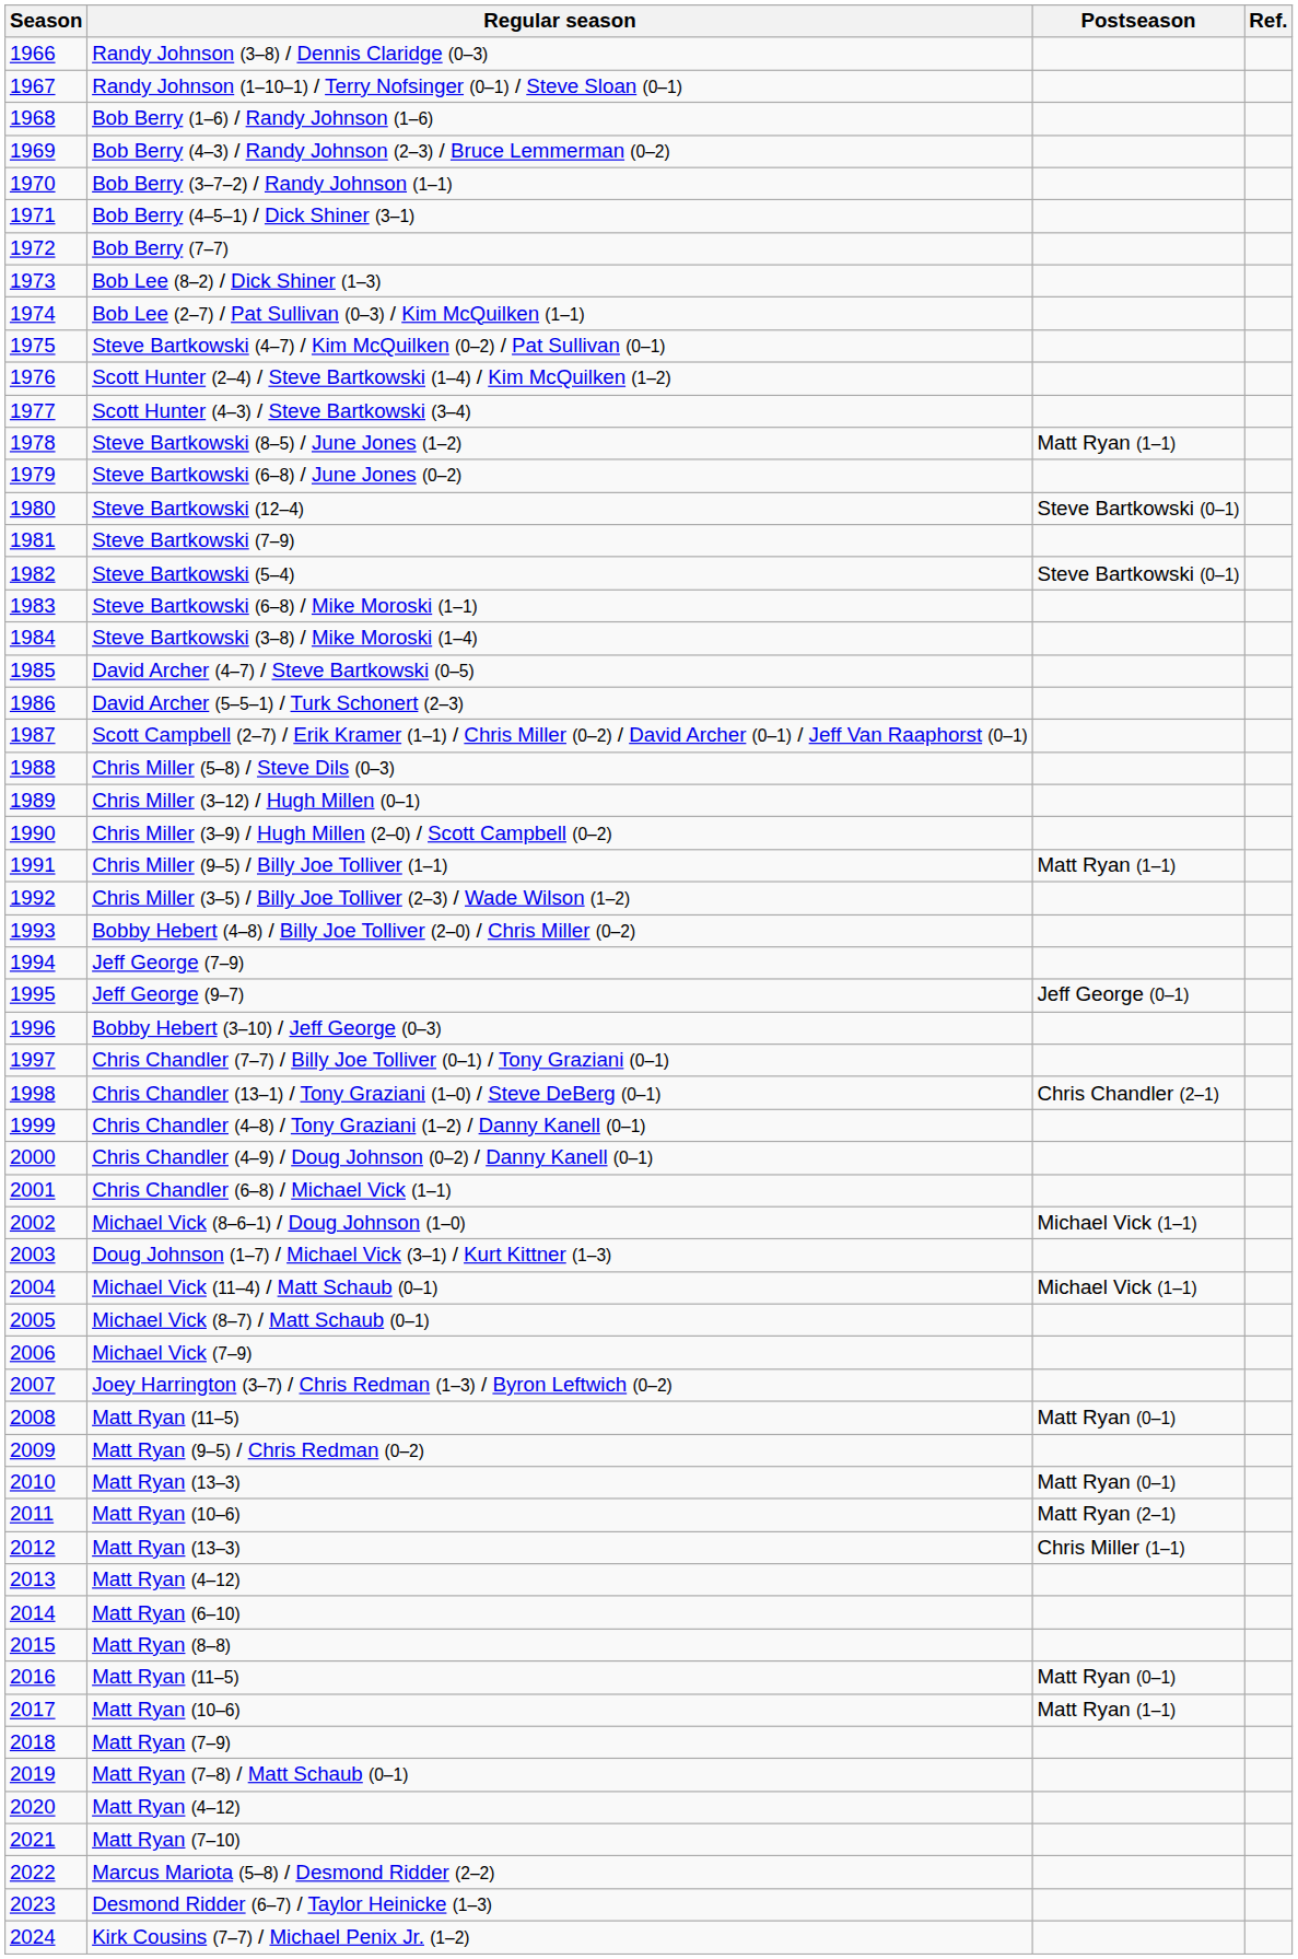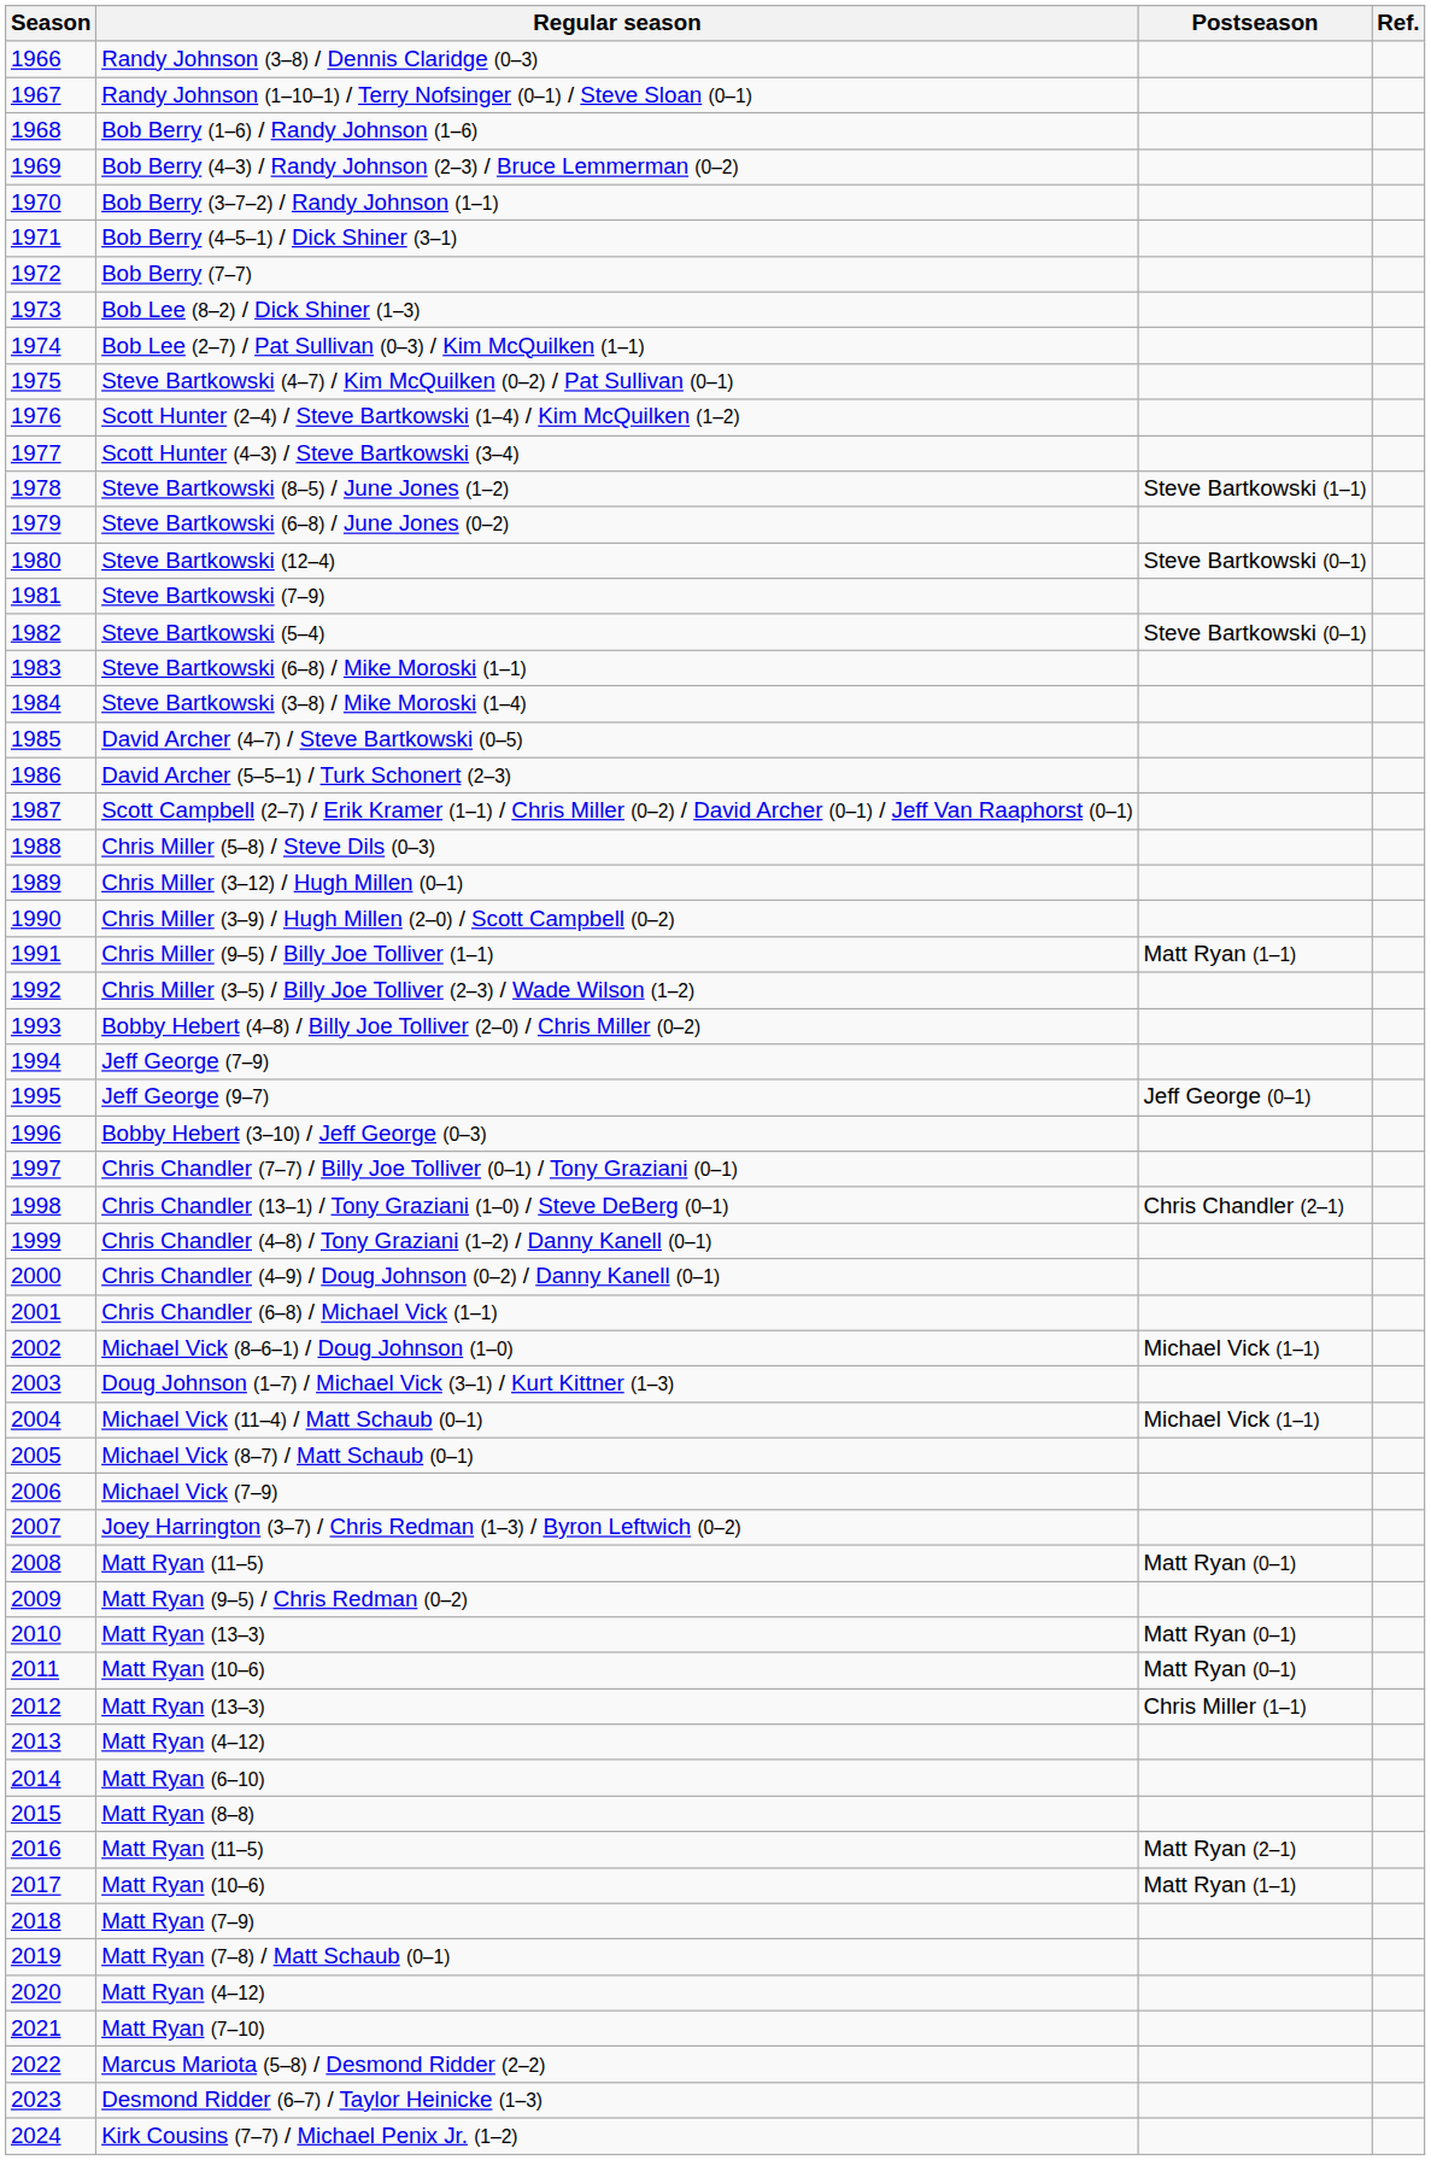 <table class="wikitable">
 <tr>
 <th>Season</th>
 <th>Regular season</th>
 <th>Postseason</th>
 <th>Ref.</th>
 </tr>
 <tr>
 <td><a href='#'>1966</a></td>
 <td><a href='#'>Randy Johnson</a> <small>(3–8)</small> / <a href='#'>Dennis Claridge</a> <small>(0–3)</small></td>
 <td></td>
 <td></td>
 </tr>
 <tr>
 <td><a href='#'>1967</a></td>
 <td><a href='#'>Randy Johnson</a> <small>(1–10–1)</small> / <a href='#'>Terry Nofsinger</a> <small>(0–1)</small> / <a href='#'>Steve Sloan</a> <small>(0–1)</small></td>
 <td></td>
 <td></td>
 </tr>
 <tr>
 <td><a href='#'>1968</a></td>
 <td><a href='#'>Bob Berry</a> <small>(1–6)</small> / <a href='#'>Randy Johnson</a> <small>(1–6)</small></td>
 <td></td>
 <td></td>
 </tr>
 <tr>
 <td><a href='#'>1969</a></td>
 <td><a href='#'>Bob Berry</a> <small>(4–3)</small> / <a href='#'>Randy Johnson</a> <small>(2–3)</small> / <a href='#'>Bruce Lemmerman</a> <small>(0–2)</small></td>
 <td></td>
 <td></td>
 </tr>
 <tr>
 <td><a href='#'>1970</a></td>
 <td><a href='#'>Bob Berry</a> <small>(3–7–2)</small> / <a href='#'>Randy Johnson</a> <small>(1–1)</small></td>
 <td></td>
 <td></td>
 </tr>
 <tr>
 <td><a href='#'>1971</a></td>
 <td><a href='#'>Bob Berry</a> <small>(4–5–1)</small> / <a href='#'>Dick Shiner</a> <small>(3–1)</small></td>
 <td></td>
 <td></td>
 </tr>
 <tr>
 <td><a href='#'>1972</a></td>
 <td><a href='#'>Bob Berry</a> <small>(7–7)</small></td>
 <td></td>
 <td></td>
 </tr>
 <tr>
 <td><a href='#'>1973</a></td>
 <td><a href='#'>Bob Lee</a> <small>(8–2)</small> / <a href='#'>Dick Shiner</a> <small>(1–3)</small></td>
 <td></td>
 <td></td>
 </tr>
 <tr>
 <td><a href='#'>1974</a></td>
 <td><a href='#'>Bob Lee</a> <small>(2–7)</small> / <a href='#'>Pat Sullivan</a> <small>(0–3)</small> / <a href='#'>Kim McQuilken</a> <small>(1–1)</small></td>
 <td></td>
 <td></td>
 </tr>
 <tr>
 <td><a href='#'>1975</a></td>
 <td><a href='#'>Steve Bartkowski</a> <small>(4–7)</small> / <a href='#'>Kim McQuilken</a> <small>(0–2)</small> / <a href='#'>Pat Sullivan</a> <small>(0–1)</small></td>
 <td></td>
 <td></td>
 </tr>
 <tr>
 <td><a href='#'>1976</a></td>
 <td><a href='#'>Scott Hunter</a> <small>(2–4)</small> / <a href='#'>Steve Bartkowski</a> <small>(1–4)</small> / <a href='#'>Kim McQuilken</a> <small>(1–2)</small></td>
 <td></td>
 <td></td>
 </tr>
 <tr>
 <td><a href='#'>1977</a></td>
 <td><a href='#'>Scott Hunter</a> <small>(4–3)</small> / <a href='#'>Steve Bartkowski</a> <small>(3–4)</small></td>
 <td></td>
 <td></td>
 </tr>
 <tr>
 <td><a href='#'>1978</a></td>
 <td><a href='#'>Steve Bartkowski</a> <small>(8–5)</small> / <a href='#'>June Jones</a> <small>(1–2)</small></td>
-<td>Matt Ryan <small>(1–1)</small></td>
+<td>Steve Bartkowski <small>(1–1)</small></td>
 <td></td>
 </tr>
 <tr>
 <td><a href='#'>1979</a></td>
 <td><a href='#'>Steve Bartkowski</a> <small>(6–8)</small> / <a href='#'>June Jones</a> <small>(0–2)</small></td>
 <td></td>
 <td></td>
 </tr>
 <tr>
 <td><a href='#'>1980</a></td>
 <td><a href='#'>Steve Bartkowski</a> <small>(12–4)</small></td>
 <td>Steve Bartkowski <small>(0–1)</small></td>
 <td></td>
 </tr>
 <tr>
 <td><a href='#'>1981</a></td>
 <td><a href='#'>Steve Bartkowski</a> <small>(7–9)</small></td>
 <td></td>
 <td></td>
 </tr>
 <tr>
 <td><a href='#'>1982</a></td>
 <td><a href='#'>Steve Bartkowski</a> <small>(5–4)</small></td>
 <td>Steve Bartkowski <small>(0–1)</small></td>
 <td></td>
 </tr>
 <tr>
 <td><a href='#'>1983</a></td>
 <td><a href='#'>Steve Bartkowski</a> <small>(6–8)</small> / <a href='#'>Mike Moroski</a> <small>(1–1)</small></td>
 <td></td>
 <td></td>
 </tr>
 <tr>
 <td><a href='#'>1984</a></td>
 <td><a href='#'>Steve Bartkowski</a> <small>(3–8)</small> / <a href='#'>Mike Moroski</a> <small>(1–4)</small></td>
 <td></td>
 <td></td>
 </tr>
 <tr>
 <td><a href='#'>1985</a></td>
 <td><a href='#'>David Archer</a> <small>(4–7)</small> / <a href='#'>Steve Bartkowski</a> <small>(0–5)</small></td>
 <td></td>
 <td></td>
 </tr>
 <tr>
 <td><a href='#'>1986</a></td>
 <td><a href='#'>David Archer</a> <small>(5–5–1)</small> / <a href='#'>Turk Schonert</a> <small>(2–3)</small></td>
 <td></td>
 <td></td>
 </tr>
 <tr>
 <td><a href='#'>1987</a></td>
 <td><a href='#'>Scott Campbell</a> <small>(2–7)</small> / <a href='#'>Erik Kramer</a> <small>(1–1)</small> / <a href='#'>Chris Miller</a> <small>(0–2)</small> / <a href='#'>David Archer</a> <small>(0–1)</small> / <a href='#'>Jeff Van Raaphorst</a> <small>(0–1)</small></td>
 <td></td>
 <td></td>
 </tr>
 <tr>
 <td><a href='#'>1988</a></td>
 <td><a href='#'>Chris Miller</a> <small>(5–8)</small> / <a href='#'>Steve Dils</a> <small>(0–3)</small></td>
 <td></td>
 <td></td>
 </tr>
 <tr>
 <td><a href='#'>1989</a></td>
 <td><a href='#'>Chris Miller</a> <small>(3–12)</small> / <a href='#'>Hugh Millen</a> <small>(0–1)</small></td>
 <td></td>
 <td></td>
 </tr>
 <tr>
 <td><a href='#'>1990</a></td>
 <td><a href='#'>Chris Miller</a> <small>(3–9)</small> / <a href='#'>Hugh Millen</a> <small>(2–0)</small> / <a href='#'>Scott Campbell</a> <small>(0–2)</small></td>
 <td></td>
 <td></td>
 </tr>
 <tr>
 <td><a href='#'>1991</a></td>
 <td><a href='#'>Chris Miller</a> <small>(9–5)</small> / <a href='#'>Billy Joe Tolliver</a> <small>(1–1)</small></td>
 <td>Matt Ryan <small>(1–1)</small></td>
 <td></td>
 </tr>
 <tr>
 <td><a href='#'>1992</a></td>
 <td><a href='#'>Chris Miller</a> <small>(3–5)</small> / <a href='#'>Billy Joe Tolliver</a> <small>(2–3)</small> / <a href='#'>Wade Wilson</a> <small>(1–2)</small></td>
 <td></td>
 <td></td>
 </tr>
 <tr>
 <td><a href='#'>1993</a></td>
 <td><a href='#'>Bobby Hebert</a> <small>(4–8)</small> / <a href='#'>Billy Joe Tolliver</a> <small>(2–0)</small> / <a href='#'>Chris Miller</a> <small>(0–2)</small></td>
 <td></td>
 <td></td>
 </tr>
 <tr>
 <td><a href='#'>1994</a></td>
 <td><a href='#'>Jeff George</a> <small>(7–9)</small></td>
 <td></td>
 <td></td>
 </tr>
 <tr>
 <td><a href='#'>1995</a></td>
 <td><a href='#'>Jeff George</a> <small>(9–7)</small></td>
 <td>Jeff George <small>(0–1)</small></td>
 <td></td>
 </tr>
 <tr>
 <td><a href='#'>1996</a></td>
 <td><a href='#'>Bobby Hebert</a> <small>(3–10)</small> / <a href='#'>Jeff George</a> <small>(0–3)</small></td>
 <td></td>
 <td></td>
 </tr>
 <tr>
 <td><a href='#'>1997</a></td>
 <td><a href='#'>Chris Chandler</a> <small>(7–7)</small> / <a href='#'>Billy Joe Tolliver</a> <small>(0–1)</small> / <a href='#'>Tony Graziani</a> <small>(0–1)</small></td>
 <td></td>
 <td></td>
 </tr>
 <tr>
 <td><a href='#'>1998</a></td>
 <td><a href='#'>Chris Chandler</a> <small>(13–1)</small> / <a href='#'>Tony Graziani</a> <small>(1–0)</small> / <a href='#'>Steve DeBerg</a> <small>(0–1)</small></td>
 <td>Chris Chandler <small>(2–1)</small></td>
 <td></td>
 </tr>
 <tr>
 <td><a href='#'>1999</a></td>
 <td><a href='#'>Chris Chandler</a> <small>(4–8)</small> / <a href='#'>Tony Graziani</a> <small>(1–2)</small> / <a href='#'>Danny Kanell</a> <small>(0–1)</small></td>
 <td></td>
 <td></td>
 </tr>
 <tr>
 <td><a href='#'>2000</a></td>
 <td><a href='#'>Chris Chandler</a> <small>(4–9)</small> / <a href='#'>Doug Johnson</a> <small>(0–2)</small> / <a href='#'>Danny Kanell</a> <small>(0–1)</small></td>
 <td></td>
 <td></td>
 </tr>
 <tr>
 <td><a href='#'>2001</a></td>
 <td><a href='#'>Chris Chandler</a> <small>(6–8)</small> / <a href='#'>Michael Vick</a> <small>(1–1)</small></td>
 <td></td>
 <td></td>
 </tr>
 <tr>
 <td><a href='#'>2002</a></td>
 <td><a href='#'>Michael Vick</a> <small>(8–6–1)</small> / <a href='#'>Doug Johnson</a> <small>(1–0)</small></td>
 <td>Michael Vick <small>(1–1)</small></td>
 <td></td>
 </tr>
 <tr>
 <td><a href='#'>2003</a></td>
 <td><a href='#'>Doug Johnson</a> <small>(1–7)</small> / <a href='#'>Michael Vick</a> <small>(3–1)</small> / <a href='#'>Kurt Kittner</a> <small>(1–3)</small></td>
 <td></td>
 <td></td>
 </tr>
 <tr>
 <td><a href='#'>2004</a></td>
 <td><a href='#'>Michael Vick</a> <small>(11–4)</small> / <a href='#'>Matt Schaub</a> <small>(0–1)</small></td>
 <td>Michael Vick <small>(1–1)</small></td>
 <td></td>
 </tr>
 <tr>
 <td><a href='#'>2005</a></td>
 <td><a href='#'>Michael Vick</a> <small>(8–7)</small> / <a href='#'>Matt Schaub</a> <small>(0–1)</small></td>
 <td></td>
 <td></td>
 </tr>
 <tr>
 <td><a href='#'>2006</a></td>
 <td><a href='#'>Michael Vick</a> <small>(7–9)</small></td>
 <td></td>
 <td></td>
 </tr>
 <tr>
 <td><a href='#'>2007</a></td>
 <td><a href='#'>Joey Harrington</a> <small>(3–7)</small> / <a href='#'>Chris Redman</a> <small>(1–3)</small> / <a href='#'>Byron Leftwich</a> <small>(0–2)</small></td>
 <td></td>
 <td></td>
 </tr>
 <tr>
 <td><a href='#'>2008</a></td>
 <td><a href='#'>Matt Ryan</a> <small>(11–5)</small></td>
 <td>Matt Ryan <small>(0–1)</small></td>
 <td></td>
 </tr>
 <tr>
 <td><a href='#'>2009</a></td>
 <td><a href='#'>Matt Ryan</a> <small>(9–5)</small> / <a href='#'>Chris Redman</a> <small>(0–2)</small></td>
 <td></td>
 <td></td>
 </tr>
 <tr>
 <td><a href='#'>2010</a></td>
 <td><a href='#'>Matt Ryan</a> <small>(13–3)</small></td>
 <td>Matt Ryan <small>(0–1)</small></td>
 <td></td>
 </tr>
 <tr>
 <td><a href='#'>2011</a></td>
 <td><a href='#'>Matt Ryan</a> <small>(10–6)</small></td>
-<td>Matt Ryan <small>(2–1)</small></td>
+<td>Matt Ryan <small>(0–1)</small></td>
 <td></td>
 </tr>
 <tr>
 <td><a href='#'>2012</a></td>
 <td><a href='#'>Matt Ryan</a> <small>(13–3)</small></td>
 <td>Chris Miller <small>(1–1)</small></td>
 <td></td>
 </tr>
 <tr>
 <td><a href='#'>2013</a></td>
 <td><a href='#'>Matt Ryan</a> <small>(4–12)</small></td>
 <td></td>
 <td></td>
 </tr>
 <tr>
 <td><a href='#'>2014</a></td>
 <td><a href='#'>Matt Ryan</a> <small>(6–10)</small></td>
 <td></td>
 <td></td>
 </tr>
 <tr>
 <td><a href='#'>2015</a></td>
 <td><a href='#'>Matt Ryan</a> <small>(8–8)</small></td>
 <td></td>
 <td></td>
 </tr>
 <tr>
 <td><a href='#'>2016</a></td>
 <td><a href='#'>Matt Ryan</a> <small>(11–5)</small></td>
-<td>Matt Ryan <small>(0–1)</small></td>
+<td>Matt Ryan <small>(2–1)</small></td>
 <td></td>
 </tr>
 <tr>
 <td><a href='#'>2017</a></td>
 <td><a href='#'>Matt Ryan</a> <small>(10–6)</small></td>
 <td>Matt Ryan <small>(1–1)</small></td>
 <td></td>
 </tr>
 <tr>
 <td><a href='#'>2018</a></td>
 <td><a href='#'>Matt Ryan</a> <small>(7–9)</small></td>
 <td></td>
 <td></td>
 </tr>
 <tr>
 <td><a href='#'>2019</a></td>
 <td><a href='#'>Matt Ryan</a> <small>(7–8)</small> / <a href='#'>Matt Schaub</a> <small>(0–1)</small></td>
 <td></td>
 <td></td>
 </tr>
 <tr>
 <td><a href='#'>2020</a></td>
 <td><a href='#'>Matt Ryan</a> <small>(4–12)</small></td>
 <td></td>
 <td></td>
 </tr>
 <tr>
 <td><a href='#'>2021</a></td>
 <td><a href='#'>Matt Ryan</a> <small>(7–10)</small></td>
 <td></td>
 <td></td>
 </tr>
 <tr>
 <td><a href='#'>2022</a></td>
 <td><a href='#'>Marcus Mariota</a> <small>(5–8)</small> / <a href='#'>Desmond Ridder</a> <small>(2–2)</small></td>
 <td></td>
 <td></td>
 </tr>
 <tr>
 <td><a href='#'>2023</a></td>
 <td><a href='#'>Desmond Ridder</a> <small>(6–7)</small> / <a href='#'>Taylor Heinicke</a> <small>(1–3)</small></td>
 <td></td>
 <td></td>
 </tr>
 <tr>
 <td><a href='#'>2024</a></td>
 <td><a href='#'>Kirk Cousins</a> <small>(7–7)</small> / <a href='#'>Michael Penix Jr.</a> <small>(1–2)</small></td>
 <td></td>
 <td></td>
 </tr>
 </table>
